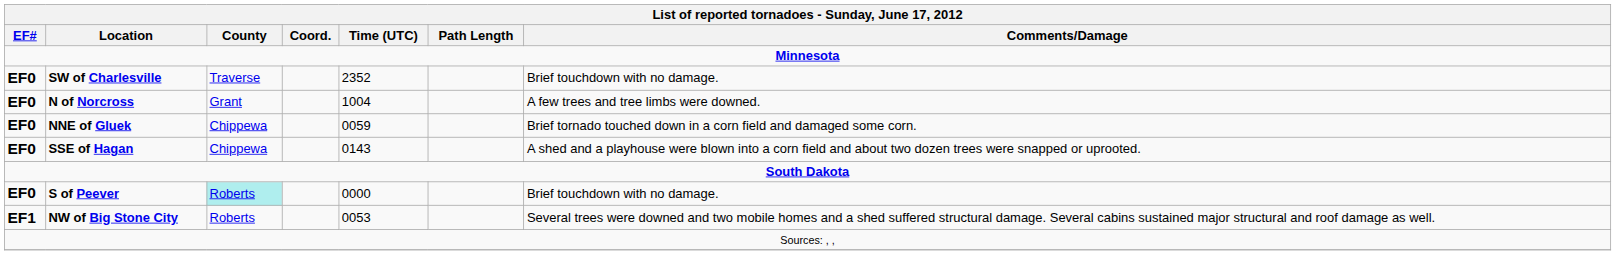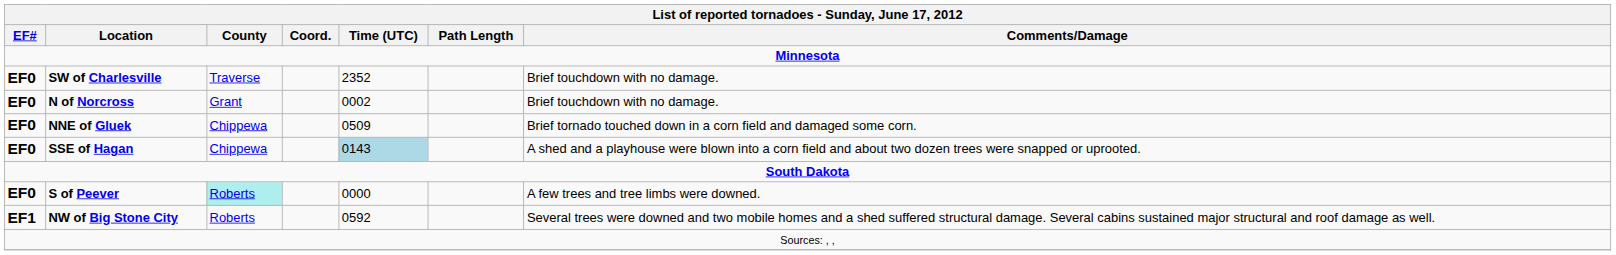 <table class="wikitable collapsible" width="100%">
 <tr>
 <th colspan="7">List of reported tornadoes - Sunday, June 17, 2012</th>
 </tr>
 <tr>
 <th><a href='#'>EF#</a></th>
 <th>Location</th>
 <th>County</th>
 <th>Coord.</th>
 <th>Time (UTC)</th>
 <th>Path Length</th>
 <th>Comments/Damage</th>
 </tr>
 <tr>
 <td colspan="7" align=center><strong><a href='#'>Minnesota</a></strong></td>
 </tr>
 <tr>
 <td><big><strong>EF0</strong></big></td>
 <td><strong>SW of <a href='#'>Charlesville</a></strong></td>
 <td><a href='#'>Traverse</a></td>
 <td></td>
 <td>2352</td>
 <td></td>
 <td>Brief touchdown with no damage.</td>
 </tr>
 <tr>
 <td><big><strong>EF0</strong></big></td>
 <td><strong>N of <a href='#'>Norcross</a></strong></td>
 <td><a href='#'>Grant</a></td>
 <td></td>
-<td>1004</td>
+<td>0002</td>
 <td></td>
-<td>A few trees and tree limbs were downed.</td>
+<td>Brief touchdown with no damage.</td>
 </tr>
 <tr>
 <td><big><strong>EF0</strong></big></td>
 <td><strong>NNE of <a href='#'>Gluek</a></strong></td>
 <td><a href='#'>Chippewa</a></td>
 <td></td>
-<td>0059</td>
+<td>0509</td>
 <td></td>
 <td>Brief tornado touched down in a corn field and damaged some corn.</td>
 </tr>
 <tr>
 <td><big><strong>EF0</strong></big></td>
 <td><strong>SSE of <a href='#'>Hagan</a></strong></td>
 <td><a href='#'>Chippewa</a></td>
 <td></td>
-<td>0143</td>
+<td style="background: lightblue;">0143</td>
 <td></td>
 <td>A shed and a playhouse were blown into a corn field and about two dozen trees were snapped or uprooted.</td>
 </tr>
 <tr>
 <td colspan="7" align=center><strong><a href='#'>South Dakota</a></strong></td>
 </tr>
 <tr>
 <td><big><strong>EF0</strong></big></td>
 <td><strong>S of <a href='#'>Peever</a></strong></td>
 <td style="background: paleturquoise;"><a href='#'>Roberts</a></td>
 <td></td>
 <td>0000</td>
 <td></td>
-<td>Brief touchdown with no damage.</td>
+<td>A few trees and tree limbs were downed.</td>
 </tr>
 <tr>
 <td><big><strong>EF1</strong></big></td>
 <td><strong>NW of <a href='#'>Big Stone City</a></strong></td>
 <td><a href='#'>Roberts</a></td>
 <td></td>
-<td>0053</td>
+<td>0592</td>
 <td></td>
 <td>Several trees were downed and two mobile homes and a shed suffered structural damage. Several cabins sustained major structural and roof damage as well.</td>
 </tr>
 <tr>
 <td colspan="7" align=center><small>Sources: , , </small></td>
 </tr>
 <tr>
 </tr>
 </table>
